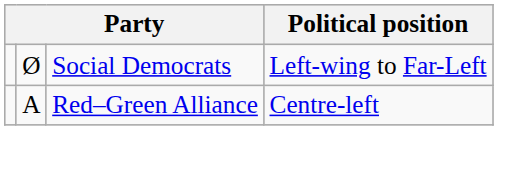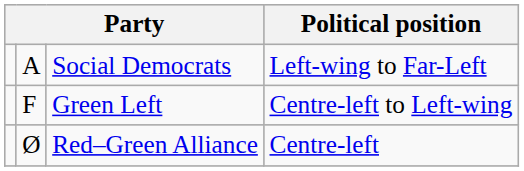 <table class="wikitable">
 <tr>
 <th colspan="3">Party</th>
 <th>Political position</th>
 </tr>
 <tr>
 <td></td>
-<td>Ø</td>
+<td>A</td>
 <td><a href='#'>Social Democrats</a></td>
 <td><a href='#'>Left-wing</a> to  <a href='#'>Far-Left</a></td>
 </tr>
 <tr>
 <td></td>
-<td>A</td>
+<td>F</td>
+<td><a href='#'>Green Left</a></td>
+<td><a href='#'>Centre-left</a> to <a href='#'>Left-wing</a></td>
+</tr>
+<tr>
+<td></td>
+<td>Ø</td>
 <td><a href='#'>Red–Green Alliance</a></td>
 <td><a href='#'>Centre-left</a></td>
 </tr>
 </table>
